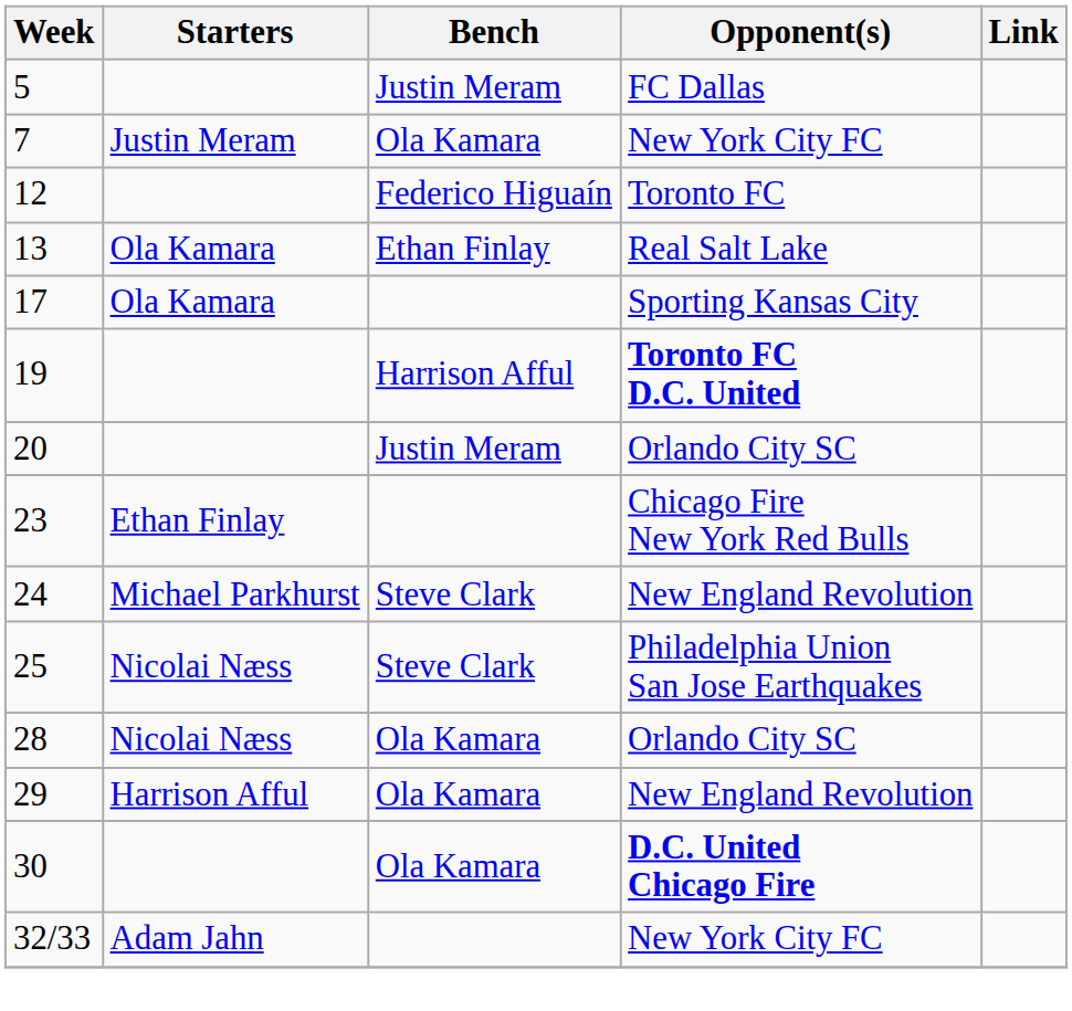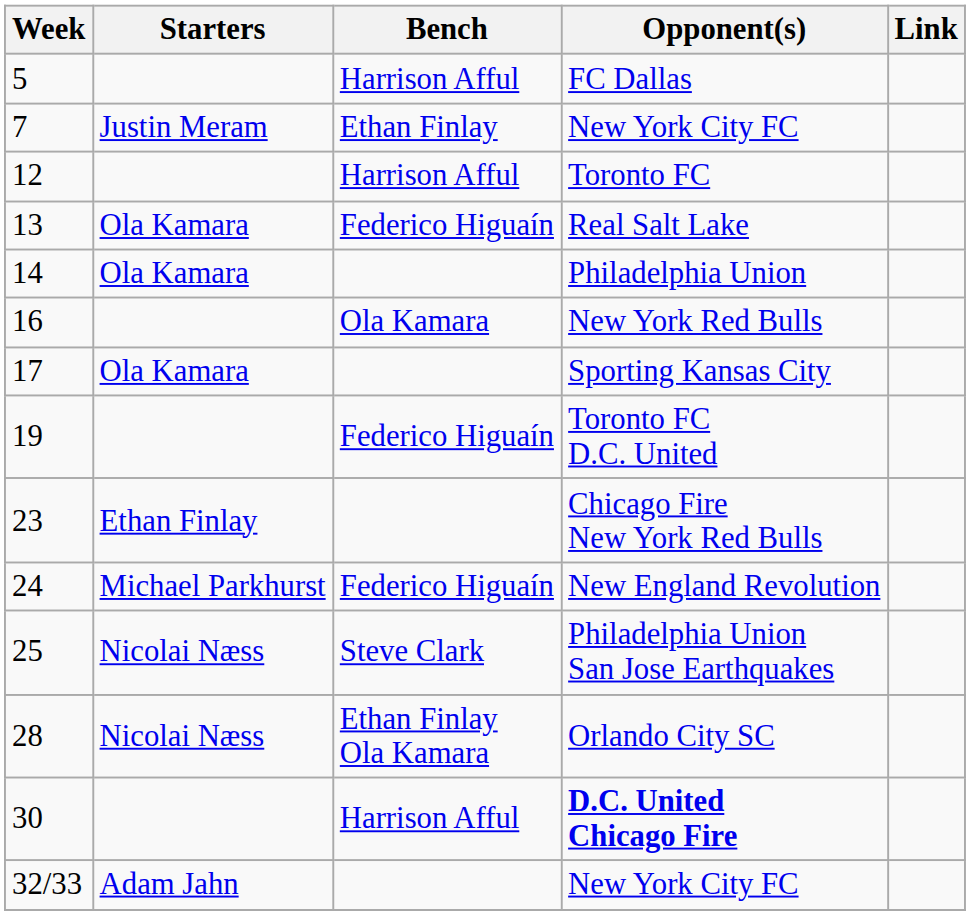 <table class=wikitable style="display:inline-table;">
 <tr>
 <th>Week</th>
 <th>Starters</th>
 <th>Bench</th>
 <th>Opponent(s)</th>
 <th>Link</th>
 </tr>
 <tr>
 <td>5</td>
 <td></td>
-<td> <a href='#'>Justin Meram</a></td>
+<td> <a href='#'>Harrison Afful</a></td>
 <td> <a href='#'>FC Dallas</a></td>
 <td></td>
 </tr>
 <tr>
 <td>7</td>
 <td> <a href='#'>Justin Meram</a></td>
-<td> <a href='#'>Ola Kamara</a></td>
+<td> <a href='#'>Ethan Finlay</a></td>
 <td>  <a href='#'>New York City FC</a></td>
 <td></td>
 </tr>
 <tr>
 <td>12</td>
 <td></td>
-<td> <a href='#'>Federico Higuaín</a></td>
+<td> <a href='#'>Harrison Afful</a></td>
 <td> <a href='#'>Toronto FC</a></td>
 <td></td>
 </tr>
 <tr>
 <td>13</td>
 <td> <a href='#'>Ola Kamara</a></td>
-<td> <a href='#'>Ethan Finlay</a></td>
+<td> <a href='#'>Federico Higuaín</a></td>
 <td> <a href='#'>Real Salt Lake</a></td>
+<td></td>
+</tr>
+<tr>
+<td>14</td>
+<td> <a href='#'>Ola Kamara</a></td>
+<td></td>
+<td> <a href='#'>Philadelphia Union</a></td>
+<td></td>
+</tr>
+<tr>
+<td>16</td>
+<td></td>
+<td> <a href='#'>Ola Kamara</a></td>
+<td> <a href='#'>New York Red Bulls</a></td>
 <td></td>
 </tr>
 <tr>
 <td>17</td>
 <td> <a href='#'>Ola Kamara</a></td>
 <td></td>
 <td> <a href='#'>Sporting Kansas City</a></td>
 <td></td>
 </tr>
 <tr>
 <td>19</td>
 <td></td>
-<td> <a href='#'>Harrison Afful</a></td>
-<td><strong> <a href='#'>Toronto FC</a><br> <a href='#'>D.C. United</a></strong></td>
-<td></td>
-</tr>
-<tr>
-<td>20</td>
-<td></td>
-<td> <a href='#'>Justin Meram</a></td>
-<td> <a href='#'>Orlando City SC</a></td>
+<td> <a href='#'>Federico Higuaín</a></td>
+<td> <a href='#'>Toronto FC</a><br> <a href='#'>D.C. United</a></td>
 <td></td>
 </tr>
 <tr>
 <td>23</td>
 <td> <a href='#'>Ethan Finlay</a></td>
 <td></td>
 <td> <a href='#'>Chicago Fire</a><br> <a href='#'>New York Red Bulls</a></td>
 <td></td>
 </tr>
 <tr>
 <td>24</td>
 <td> <a href='#'>Michael Parkhurst</a></td>
-<td> <a href='#'>Steve Clark</a></td>
+<td> <a href='#'>Federico Higuaín</a></td>
 <td> <a href='#'>New England Revolution</a></td>
 <td></td>
 </tr>
 <tr>
 <td>25</td>
 <td> <a href='#'>Nicolai Næss</a></td>
 <td> <a href='#'>Steve Clark</a></td>
 <td> <a href='#'>Philadelphia Union</a><br> <a href='#'>San Jose Earthquakes</a></td>
 <td></td>
 </tr>
 <tr>
 <td>28</td>
 <td> <a href='#'>Nicolai Næss</a></td>
-<td> <a href='#'>Ola Kamara</a></td>
+<td> <a href='#'>Ethan Finlay</a><br> <a href='#'>Ola Kamara</a></td>
 <td> <a href='#'>Orlando City SC</a></td>
-<td></td>
-</tr>
-<tr>
-<td>29</td>
-<td> <a href='#'>Harrison Afful</a></td>
-<td> <a href='#'>Ola Kamara</a></td>
-<td> <a href='#'>New England Revolution</a></td>
 <td></td>
 </tr>
 <tr>
 <td>30</td>
 <td></td>
-<td> <a href='#'>Ola Kamara</a></td>
+<td> <a href='#'>Harrison Afful</a></td>
 <td><strong> <a href='#'>D.C. United</a><br> <a href='#'>Chicago Fire</a></strong></td>
 <td></td>
 </tr>
 <tr>
 <td>32/33</td>
 <td> <a href='#'>Adam Jahn</a></td>
 <td></td>
 <td> <a href='#'>New York City FC</a></td>
 <td></td>
 </tr>
 <tr>
 </tr>
 </table>
